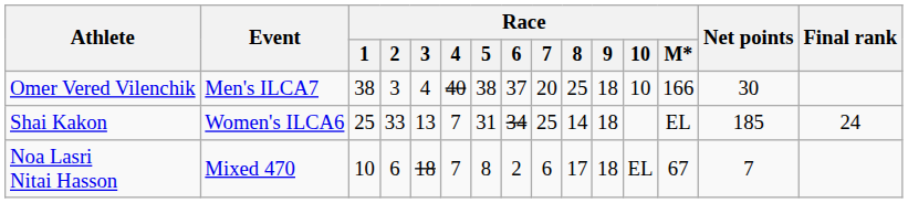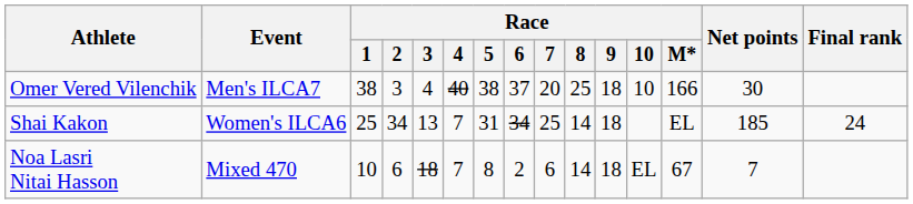 <table class="wikitable" style="font-size:90%">
 <tr>
 <th rowspan="2">Athlete</th>
 <th rowspan="2">Event</th>
 <th colspan=11>Race</th>
 <th rowspan=2>Net points</th>
 <th rowspan=2>Final rank</th>
 </tr>
 <tr style="font-size:95%">
 <th>1</th>
 <th>2</th>
 <th>3</th>
 <th>4</th>
 <th>5</th>
 <th>6</th>
 <th>7</th>
 <th>8</th>
 <th>9</th>
 <th>10</th>
 <th>M*</th>
 </tr>
 <tr align=center>
 <td align=left><a href='#'>Omer Vered Vilenchik</a></td>
 <td align=left><a href='#'>Men's ILCA7</a></td>
 <td>38</td>
 <td>3</td>
 <td>4</td>
 <td><s>40</s></td>
 <td>38</td>
 <td>37</td>
 <td>20</td>
 <td>25</td>
 <td>18</td>
 <td>10</td>
 <td>166</td>
 <td>30</td>
 </tr>
 <tr align=center>
 <td align=left><a href='#'>Shai Kakon</a></td>
 <td align=left><a href='#'>Women's ILCA6</a></td>
 <td>25</td>
-<td>33</td>
+<td>34</td>
 <td>13</td>
 <td>7</td>
 <td>31</td>
 <td><s>34</s></td>
 <td>25</td>
 <td>14</td>
 <td>18</td>
 <td></td>
 <td>EL</td>
 <td>185</td>
 <td>24</td>
 </tr>
 <tr align=center>
 <td align=left><a href='#'>Noa Lasri</a><br><a href='#'>Nitai Hasson</a></td>
 <td align=left><a href='#'>Mixed 470</a></td>
 <td>10</td>
 <td>6</td>
 <td><s>18</s></td>
 <td>7</td>
 <td>8</td>
 <td>2</td>
 <td>6</td>
-<td>17</td>
+<td>14</td>
 <td>18</td>
 <td>EL</td>
 <td>67</td>
 <td>7</td>
 </tr>
 </table>
